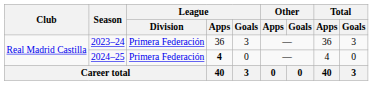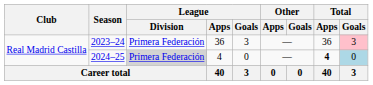 <table class="wikitable" style="text-align:center">
 <tr>
 <th rowspan="2">Club</th>
 <th rowspan="2">Season</th>
 <th colspan="3">League</th>
 <th colspan="2">Other</th>
 <th colspan="2">Total</th>
 </tr>
 <tr>
 <th>Division</th>
 <th>Apps</th>
 <th>Goals</th>
 <th>Apps</th>
 <th>Goals</th>
 <th>Apps</th>
 <th>Goals</th>
 </tr>
 <tr>
 <td rowspan="2"><a href='#'>Real Madrid Castilla</a></td>
 <td><a href='#'>2023–24</a></td>
 <td><a href='#'>Primera Federación</a></td>
 <td>36</td>
 <td>3</td>
 <td colspan="2">—</td>
 <td>36</td>
-<td>3</td>
+<td style="background: pink;">3</td>
 </tr>
 <tr>
 <td><a href='#'>2024–25</a></td>
-<td><a href='#'>Primera Federación</a></td>
-<td><strong>4</strong></td>
+<td style="background: lightgrey;"><a href='#'>Primera Federación</a></td>
+<td>4</td>
 <td>0</td>
 <td colspan="2">—</td>
-<td>4</td>
-<td>0</td>
+<td><strong>4</strong></td>
+<td style="background: lightblue;">0</td>
 </tr>
 <tr>
 <th colspan="3">Career total</th>
 <th>40</th>
 <th>3</th>
 <th>0</th>
 <th>0</th>
 <th>40</th>
 <th>3</th>
 </tr>
 </table>
